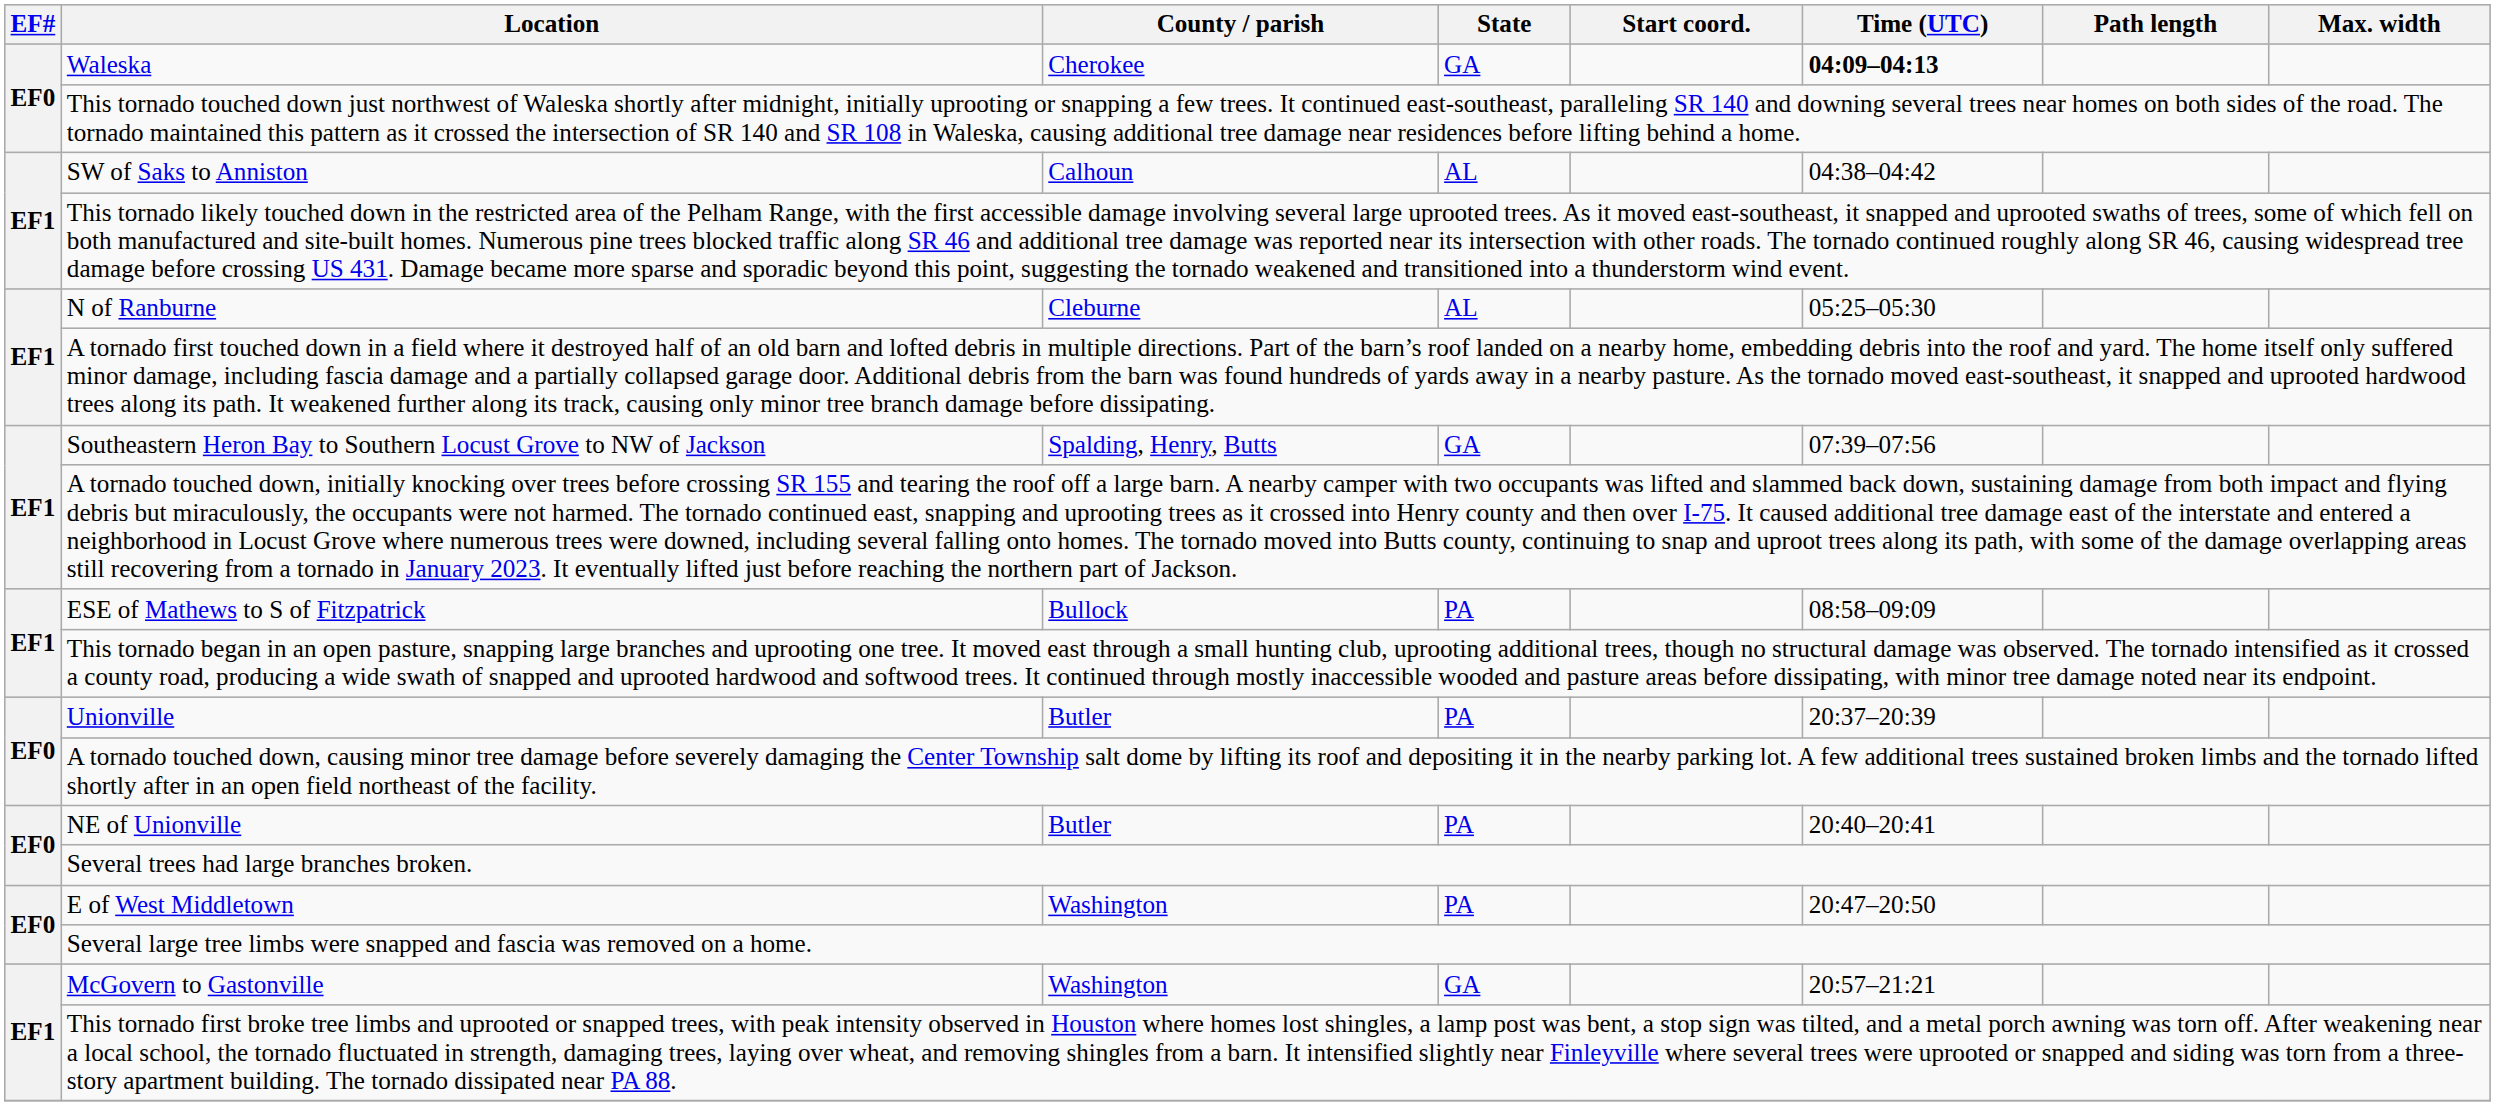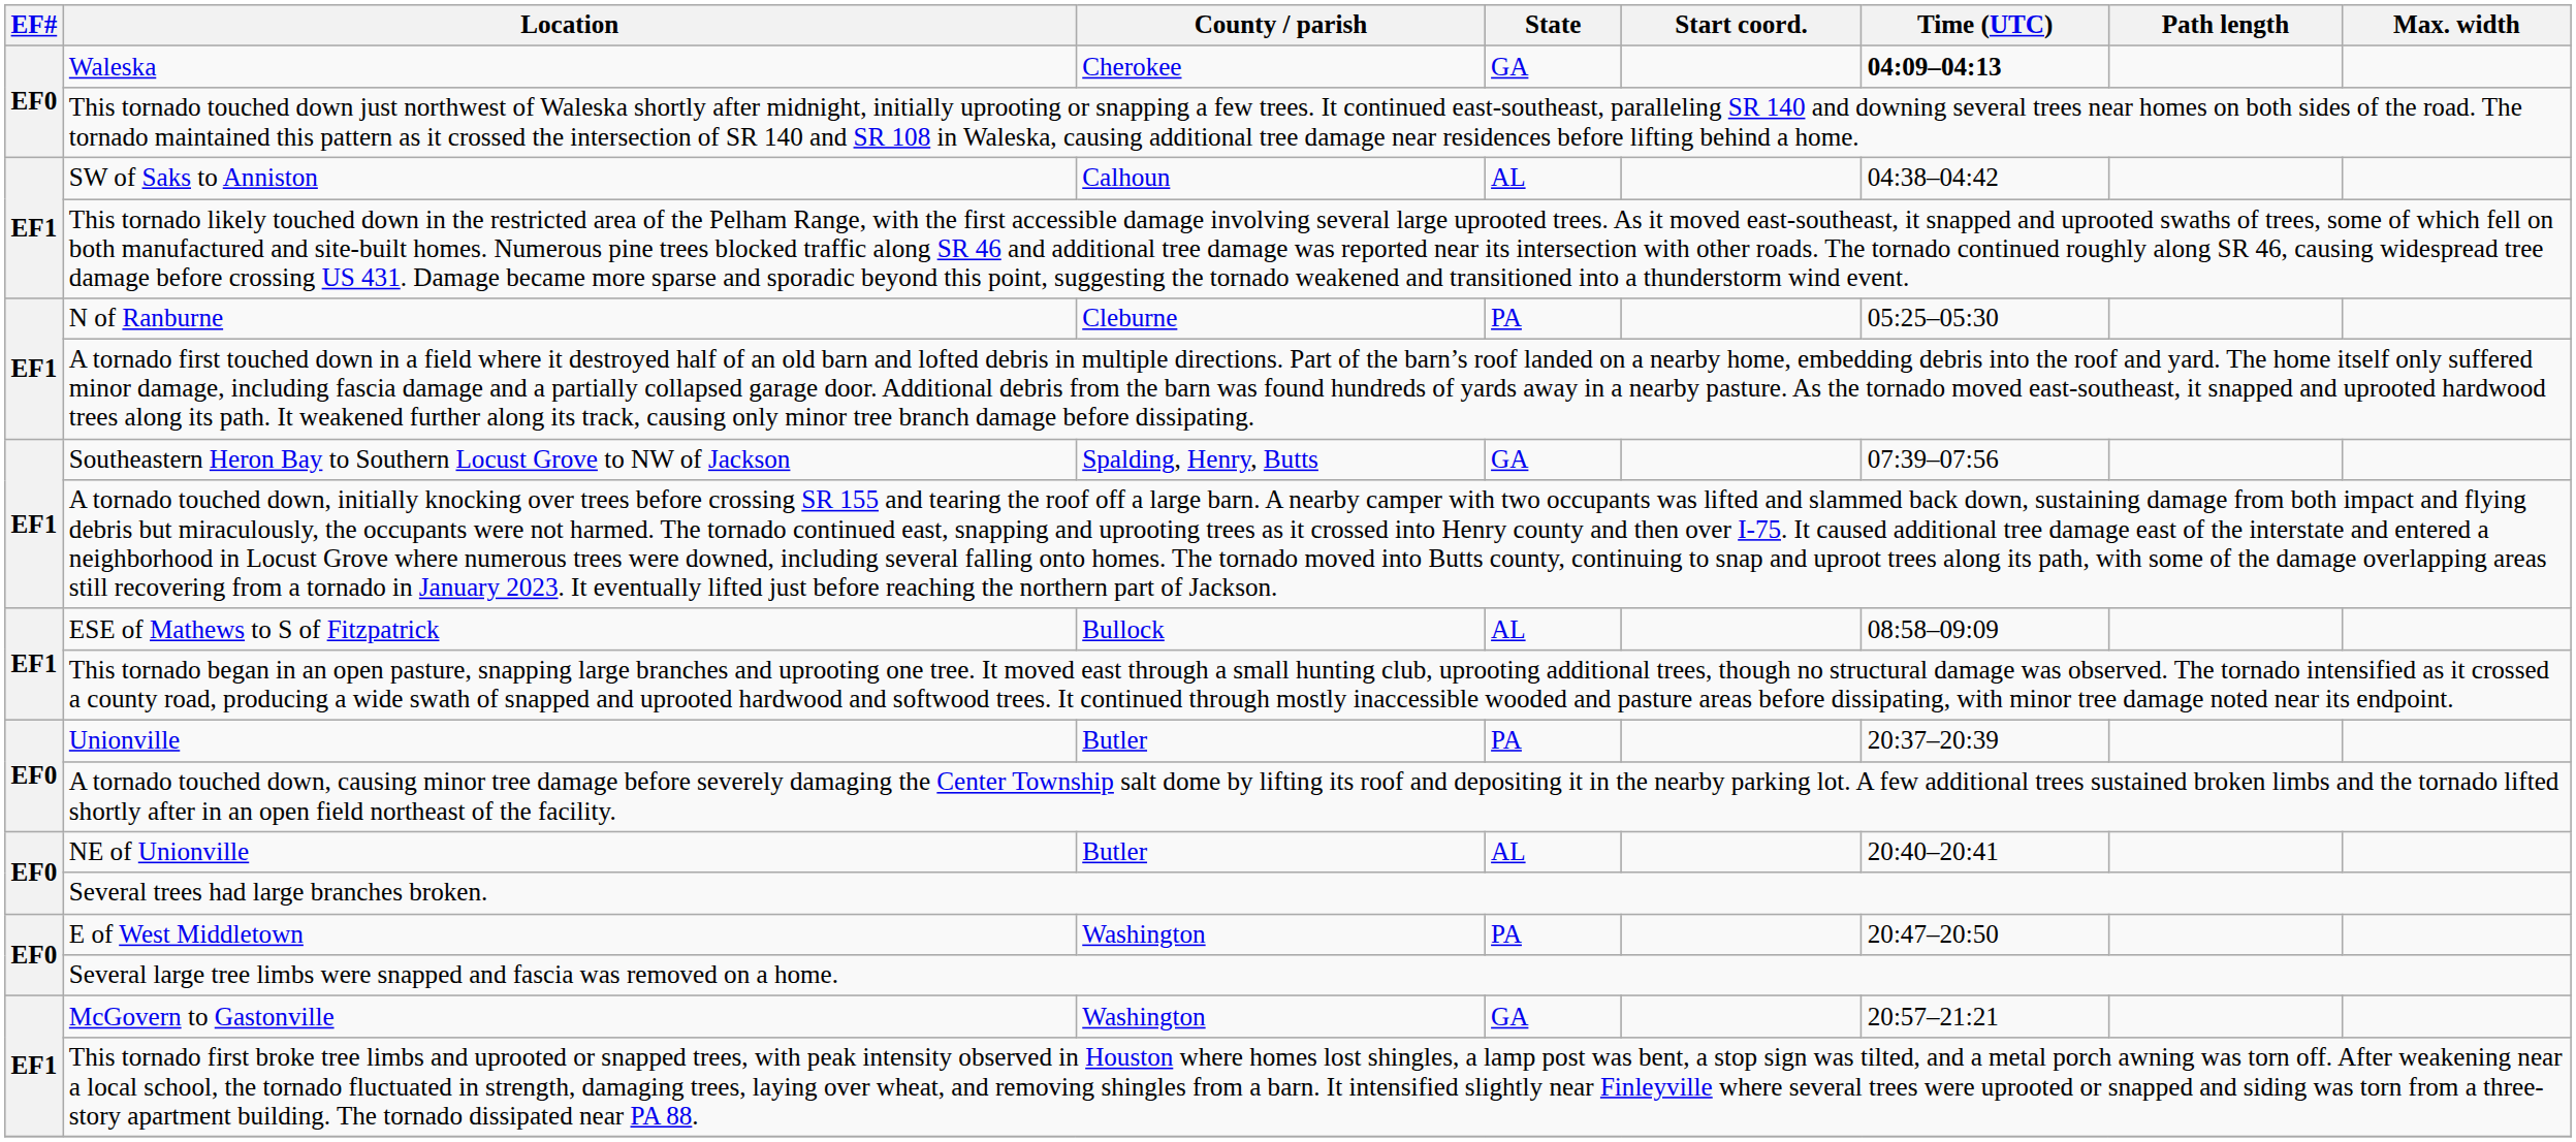 <table class="wikitable sortable" style="width:100%;">
 <tr>
 <th scope="col" width="2%" align="center"><a href='#'>EF#</a></th>
 <th scope="col" align="center" class="unsortable">Location</th>
 <th scope="col" align="center" class="unsortable">County / parish</th>
 <th scope="col" align="center">State</th>
 <th scope="col" align="center">Start coord.</th>
 <th scope="col" align="center">Time (<a href='#'>UTC</a>)</th>
 <th scope="col" align="center">Path length</th>
 <th scope="col" align="center">Max. width</th>
 </tr>
 <tr>
 <th scope="row" rowspan="2" style="background-color:#">EF0</th>
 <td><a href='#'>Waleska</a></td>
 <td><a href='#'>Cherokee</a></td>
 <td><a href='#'>GA</a></td>
 <td></td>
 <td><strong>04:09–04:13</strong></td>
 <td></td>
 <td></td>
 </tr>
 <tr class="expand-child">
 <td colspan="7" border-bottom: 1px solid black;>This tornado touched down just northwest of Waleska shortly after midnight, initially uprooting or snapping a few trees. It continued east-southeast, paralleling <a href='#'>SR 140</a> and downing several trees near homes on both sides of the road. The tornado maintained this pattern as it crossed the intersection of SR 140 and <a href='#'>SR 108</a> in Waleska, causing additional tree damage near residences before lifting behind a home.</td>
 </tr>
 <tr>
 <th scope="row" rowspan="2" style="background-color:#">EF1</th>
 <td>SW of <a href='#'>Saks</a> to <a href='#'>Anniston</a></td>
 <td><a href='#'>Calhoun</a></td>
 <td><a href='#'>AL</a></td>
 <td></td>
 <td>04:38–04:42</td>
 <td></td>
 <td></td>
 </tr>
 <tr class="expand-child">
 <td colspan="7" border-bottom: 1px solid black;>This tornado likely touched down in the restricted area of the Pelham Range, with the first accessible damage involving several large uprooted trees. As it moved east-southeast, it snapped and uprooted swaths of trees, some of which fell on both manufactured and site-built homes. Numerous pine trees blocked traffic along <a href='#'>SR 46</a> and additional tree damage was reported near its intersection with other roads. The tornado continued roughly along SR 46, causing widespread tree damage before crossing <a href='#'>US 431</a>. Damage became more sparse and sporadic beyond this point, suggesting the tornado weakened and transitioned into a thunderstorm wind event.</td>
 </tr>
 <tr>
 <th scope="row" rowspan="2" style="background-color:#">EF1</th>
 <td>N of <a href='#'>Ranburne</a></td>
 <td><a href='#'>Cleburne</a></td>
-<td><a href='#'>AL</a></td>
+<td><a href='#'>PA</a></td>
 <td></td>
 <td>05:25–05:30</td>
 <td></td>
 <td></td>
 </tr>
 <tr class="expand-child">
 <td colspan="7" border-bottom: 1px solid black;>A tornado first touched down in a field where it destroyed half of an old barn and lofted debris in multiple directions. Part of the barn’s roof landed on a nearby home, embedding debris into the roof and yard. The home itself only suffered minor damage, including fascia damage and a partially collapsed garage door. Additional debris from the barn was found hundreds of yards away in a nearby pasture. As the tornado moved east-southeast, it snapped and uprooted hardwood trees along its path. It weakened further along its track, causing only minor tree branch damage before dissipating.</td>
 </tr>
 <tr>
 <th scope="row" rowspan="2" style="background-color:#">EF1</th>
 <td>Southeastern <a href='#'>Heron Bay</a> to Southern <a href='#'>Locust Grove</a> to NW of <a href='#'>Jackson</a></td>
 <td><a href='#'>Spalding</a>, <a href='#'>Henry</a>, <a href='#'>Butts</a></td>
 <td><a href='#'>GA</a></td>
 <td></td>
 <td>07:39–07:56</td>
 <td></td>
 <td></td>
 </tr>
 <tr class="expand-child">
 <td colspan="7" border-bottom: 1px solid black;>A tornado touched down, initially knocking over trees before crossing <a href='#'>SR 155</a> and tearing the roof off a large barn. A nearby camper with two occupants was lifted and slammed back down, sustaining damage from both impact and flying debris but miraculously, the occupants were not harmed. The tornado continued east, snapping and uprooting trees as it crossed into Henry county and then over <a href='#'>I-75</a>. It caused additional tree damage east of the interstate and entered a neighborhood in Locust Grove where numerous trees were downed, including several falling onto homes. The tornado moved into Butts county, continuing to snap and uproot trees along its path, with some of the damage overlapping areas still recovering from a tornado in <a href='#'>January 2023</a>. It eventually lifted just before reaching the northern part of Jackson.</td>
 </tr>
 <tr>
 <th scope="row" rowspan="2" style="background-color:#">EF1</th>
 <td>ESE of <a href='#'>Mathews</a> to S of <a href='#'>Fitzpatrick</a></td>
 <td><a href='#'>Bullock</a></td>
-<td><a href='#'>PA</a></td>
+<td><a href='#'>AL</a></td>
 <td></td>
 <td>08:58–09:09</td>
 <td></td>
 <td></td>
 </tr>
 <tr class="expand-child">
 <td colspan="7" border-bottom: 1px solid black;>This tornado began in an open pasture, snapping large branches and uprooting one tree. It moved east through a small hunting club, uprooting additional trees, though no structural damage was observed. The tornado intensified as it crossed a county road, producing a wide swath of snapped and uprooted hardwood and softwood trees. It continued through mostly inaccessible wooded and pasture areas before dissipating, with minor tree damage noted near its endpoint.</td>
 </tr>
 <tr>
 <th scope="row" rowspan="2" style="background-color:#">EF0</th>
 <td><a href='#'>Unionville</a></td>
 <td><a href='#'>Butler</a></td>
 <td><a href='#'>PA</a></td>
 <td></td>
 <td>20:37–20:39</td>
 <td></td>
 <td></td>
 </tr>
 <tr class="expand-child">
 <td colspan="7" border-bottom: 1px solid black;>A tornado touched down, causing minor tree damage before severely damaging the <a href='#'>Center Township</a> salt dome by lifting its roof and depositing it in the nearby parking lot. A few additional trees sustained broken limbs and the tornado lifted shortly after in an open field northeast of the facility.</td>
 </tr>
 <tr>
 <th scope="row" rowspan="2" style="background-color:#">EF0</th>
 <td>NE of <a href='#'>Unionville</a></td>
 <td><a href='#'>Butler</a></td>
-<td><a href='#'>PA</a></td>
+<td><a href='#'>AL</a></td>
 <td></td>
 <td>20:40–20:41</td>
 <td></td>
 <td></td>
 </tr>
 <tr class="expand-child">
 <td colspan="7" border-bottom: 1px solid black;>Several trees had large branches broken.</td>
 </tr>
 <tr>
 <th scope="row" rowspan="2" style="background-color:#">EF0</th>
 <td>E of <a href='#'>West Middletown</a></td>
 <td><a href='#'>Washington</a></td>
 <td><a href='#'>PA</a></td>
 <td></td>
 <td>20:47–20:50</td>
 <td></td>
 <td></td>
 </tr>
 <tr class="expand-child">
 <td colspan="7" border-bottom: 1px solid black;>Several large tree limbs were snapped and fascia was removed on a home.</td>
 </tr>
 <tr>
 <th scope="row" rowspan="2" style="background-color:#">EF1</th>
 <td><a href='#'>McGovern</a> to <a href='#'>Gastonville</a></td>
 <td><a href='#'>Washington</a></td>
 <td><a href='#'>GA</a></td>
 <td></td>
 <td>20:57–21:21</td>
 <td></td>
 <td></td>
 </tr>
 <tr class="expand-child">
 <td colspan="7" border-bottom: 1px solid black;>This tornado first broke tree limbs and uprooted or snapped trees, with peak intensity observed in <a href='#'>Houston</a> where homes lost shingles, a lamp post was bent, a stop sign was tilted, and a metal porch awning was torn off. After weakening near a local school, the tornado fluctuated in strength, damaging trees, laying over wheat, and removing shingles from a barn. It intensified slightly near <a href='#'>Finleyville</a> where several trees were uprooted or snapped and siding was torn from a three-story apartment building. The tornado dissipated near <a href='#'>PA 88</a>.</td>
 </tr>
 <tr>
 </tr>
 </table>
